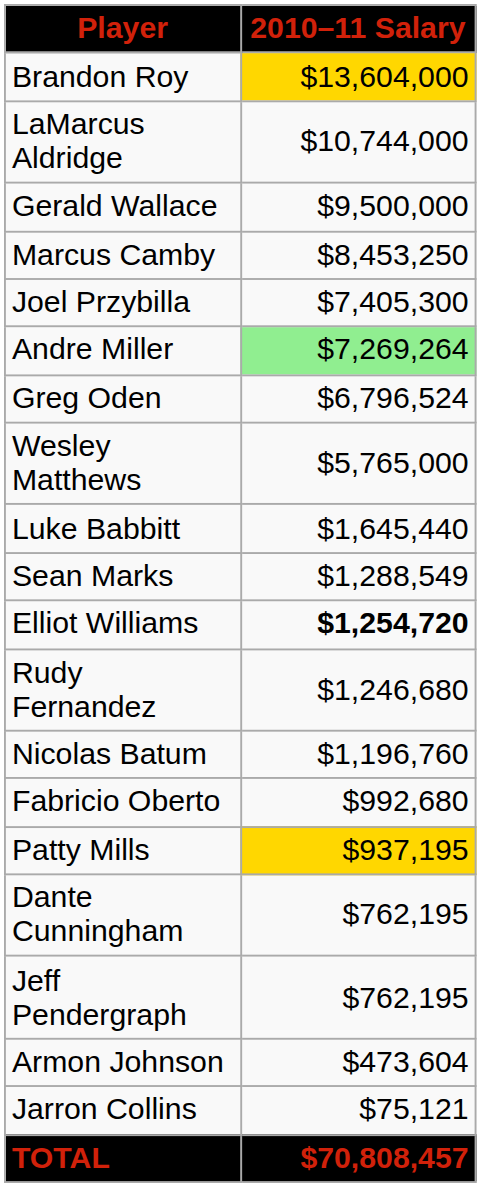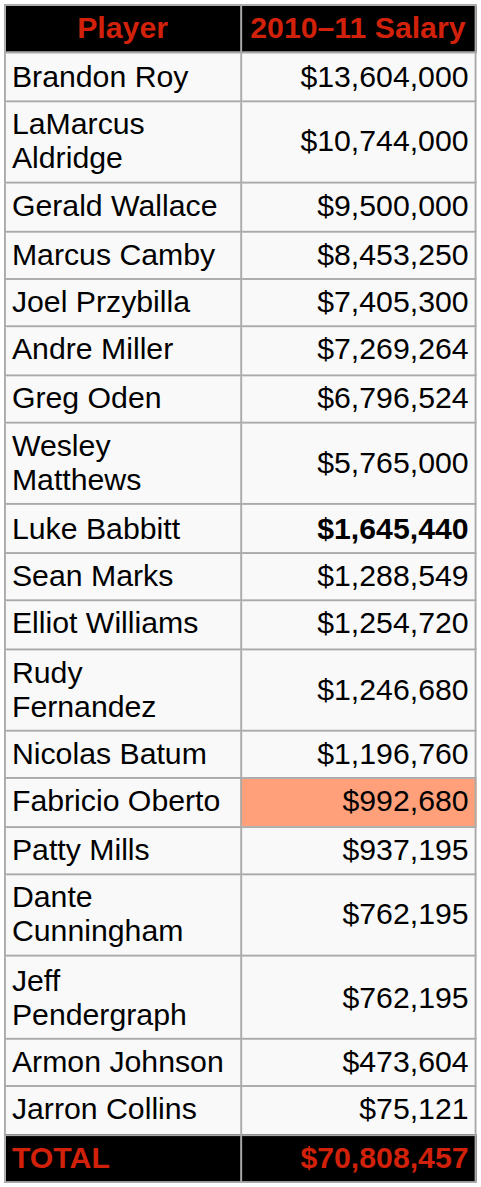 <table width=250 px; class="wikitable sortable sortable">
 <tr>
 <th style="background:#000000; color:#D1210A" width="50%">Player</th>
 <th style="background:#000000; color:#D1210A" width="50%">2010–11 Salary</th>
 </tr>
 <tr>
 <td>Brandon Roy</td>
-<td align="right" style="background: gold;">$13,604,000</td>
+<td align="right">$13,604,000</td>
 </tr>
 <tr>
 <td>LaMarcus Aldridge</td>
 <td align="right">$10,744,000</td>
 </tr>
 <tr>
 <td>Gerald Wallace</td>
 <td align="right">$9,500,000</td>
 </tr>
 <tr>
 <td>Marcus Camby</td>
 <td align="right">$8,453,250</td>
 </tr>
 <tr>
 <td>Joel Przybilla</td>
 <td align="right">$7,405,300</td>
 </tr>
 <tr>
 <td>Andre Miller</td>
-<td align="right" style="background: lightgreen;">$7,269,264</td>
+<td align="right">$7,269,264</td>
 </tr>
 <tr>
 <td>Greg Oden</td>
 <td align="right">$6,796,524</td>
 </tr>
 <tr>
 <td>Wesley Matthews</td>
 <td align="right">$5,765,000</td>
 </tr>
 <tr>
 <td>Luke Babbitt</td>
-<td align="right">$1,645,440</td>
+<td align="right"><strong>$1,645,440</strong></td>
 </tr>
 <tr>
 <td>Sean Marks</td>
 <td align="right">$1,288,549</td>
 </tr>
 <tr>
 <td>Elliot Williams</td>
-<td align="right"><strong>$1,254,720</strong></td>
+<td align="right">$1,254,720</td>
 </tr>
 <tr>
 <td>Rudy Fernandez</td>
 <td align="right">$1,246,680</td>
 </tr>
 <tr>
 <td>Nicolas Batum</td>
 <td align="right">$1,196,760</td>
 </tr>
 <tr>
 <td>Fabricio Oberto</td>
-<td align="right">$992,680</td>
+<td align="right" style="background: lightsalmon;">$992,680</td>
 </tr>
 <tr>
 <td>Patty Mills</td>
-<td align="right" style="background: gold;">$937,195</td>
+<td align="right">$937,195</td>
 </tr>
 <tr>
 <td>Dante Cunningham</td>
 <td align="right">$762,195</td>
 </tr>
 <tr>
 <td>Jeff Pendergraph</td>
 <td align="right">$762,195</td>
 </tr>
 <tr>
 <td>Armon Johnson</td>
 <td align="right">$473,604</td>
 </tr>
 <tr>
 <td>Jarron Collins</td>
 <td align="right">$75,121</td>
 </tr>
 <tr class="sortbottom">
 <td style="background:#000000; color:#D1210A" width="50%"><strong>TOTAL</strong></td>
 <td style="background:#000000; color:#D1210A" width="50%" align="right"><strong>$70,808,457</strong></td>
 </tr>
 </table>
